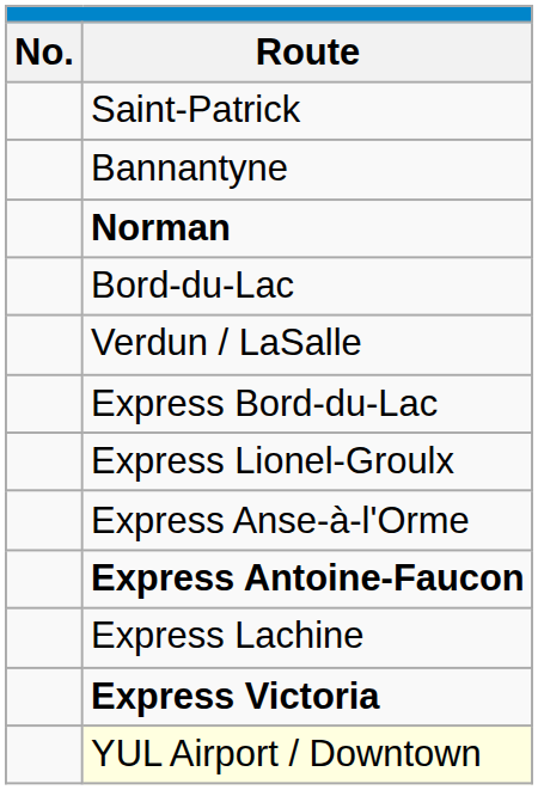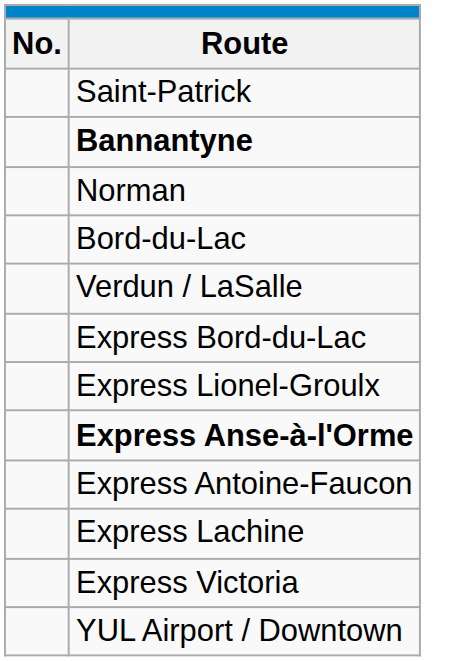 <table align=center class="wikitable">
 <tr>
 <th style="background: #0085CA; font-size:100%; color:#FFFFFF;"colspan="4"><a href='#'></a></th>
 </tr>
 <tr>
 <th>No.</th>
 <th>Route</th>
 </tr>
 <tr>
 <td></td>
 <td>Saint-Patrick</td>
 </tr>
 <tr>
 <td></td>
-<td>Bannantyne</td>
+<td><strong>Bannantyne</strong></td>
 </tr>
 <tr>
 <td></td>
-<td><strong>Norman</strong></td>
+<td>Norman</td>
 </tr>
 <tr>
 <td></td>
 <td>Bord-du-Lac</td>
 </tr>
 <tr>
 <td {{Avoid wrap> </td>
 <td>Verdun / LaSalle</td>
 </tr>
 <tr>
 <td></td>
 <td>Express Bord-du-Lac</td>
 </tr>
 <tr>
 <td></td>
 <td>Express Lionel-Groulx</td>
 </tr>
 <tr>
 <td></td>
-<td>Express Anse-à-l'Orme</td>
+<td><strong>Express Anse-à-l'Orme</strong></td>
 </tr>
 <tr>
 <td></td>
-<td><strong>Express Antoine-Faucon</strong></td>
+<td>Express Antoine-Faucon</td>
 </tr>
 <tr>
 <td></td>
 <td>Express Lachine</td>
 </tr>
 <tr>
 <td {{Avoid wrap> </td>
-<td><strong>Express Victoria</strong></td>
+<td>Express Victoria</td>
 </tr>
 <tr>
 <td> </td>
-<td style="background: lightyellow;">YUL Airport / Downtown</td>
+<td>YUL Airport / Downtown</td>
 </tr>
 </table>
